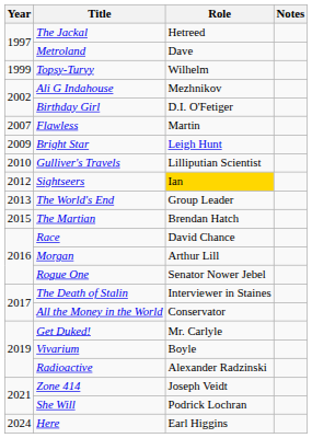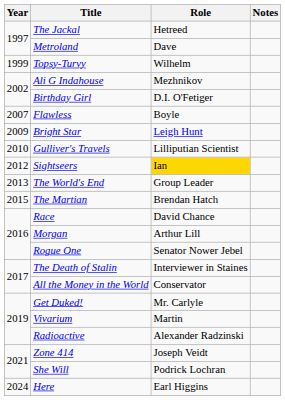 <table class="wikitable sortable">
 <tr>
 <th>Year</th>
 <th>Title</th>
 <th>Role</th>
 <th class="unsortable">Notes</th>
 </tr>
 <tr>
 <td rowspan="2">1997</td>
 <td data-sort-value="Jackal, The"><em><a href='#'>The Jackal</a></em></td>
 <td>Hetreed</td>
 <td></td>
 </tr>
 <tr>
 <td><em><a href='#'>Metroland</a></em></td>
 <td>Dave</td>
 <td></td>
 </tr>
 <tr>
 <td>1999</td>
 <td><em><a href='#'>Topsy-Turvy</a></em></td>
 <td>Wilhelm</td>
 <td></td>
 </tr>
 <tr>
 <td rowspan="2">2002</td>
 <td><em><a href='#'>Ali G Indahouse</a></em></td>
 <td>Mezhnikov</td>
 <td></td>
 </tr>
 <tr>
 <td><em><a href='#'>Birthday Girl</a></em></td>
 <td>D.I. O'Fetiger</td>
 <td></td>
 </tr>
 <tr>
 <td>2007</td>
 <td><em><a href='#'>Flawless</a></em></td>
-<td>Martin</td>
+<td>Boyle</td>
 <td></td>
 </tr>
 <tr>
 <td>2009</td>
 <td><em><a href='#'>Bright Star</a></em></td>
 <td><a href='#'>Leigh Hunt</a></td>
 <td></td>
 </tr>
 <tr>
 <td>2010</td>
 <td><em><a href='#'>Gulliver's Travels</a></em></td>
 <td>Lilliputian Scientist</td>
 <td></td>
 </tr>
 <tr>
 <td>2012</td>
 <td><em><a href='#'>Sightseers</a></em></td>
 <td style="background: gold;">Ian</td>
 <td></td>
 </tr>
 <tr>
 <td>2013</td>
 <td data-sort-value="World's End, The"><em><a href='#'>The World's End</a></em></td>
 <td>Group Leader</td>
 <td></td>
 </tr>
 <tr>
 <td>2015</td>
 <td data-sort-value="Martian, The"><em><a href='#'>The Martian</a></em></td>
 <td>Brendan Hatch</td>
 <td></td>
 </tr>
 <tr>
 <td rowspan="3">2016</td>
 <td><em><a href='#'>Race</a></em></td>
 <td>David Chance</td>
 <td></td>
 </tr>
 <tr>
 <td><em><a href='#'>Morgan</a></em></td>
 <td>Arthur Lill</td>
 <td></td>
 </tr>
 <tr>
 <td><em><a href='#'>Rogue One</a></em></td>
 <td>Senator Nower Jebel</td>
 <td></td>
 </tr>
 <tr>
 <td rowspan="2">2017</td>
 <td data-sort-value="Death of Stalin, The"><em><a href='#'>The Death of Stalin</a></em></td>
 <td>Interviewer in Staines</td>
 <td></td>
 </tr>
 <tr>
 <td><em><a href='#'>All the Money in the World</a></em></td>
 <td>Conservator</td>
 <td></td>
 </tr>
 <tr>
 <td rowspan="3">2019</td>
 <td><em><a href='#'>Get Duked!</a></em></td>
 <td>Mr. Carlyle</td>
 <td></td>
 </tr>
 <tr>
 <td><em><a href='#'>Vivarium</a></em></td>
-<td>Boyle</td>
+<td>Martin</td>
 <td></td>
 </tr>
 <tr>
 <td><em><a href='#'>Radioactive</a></em></td>
 <td>Alexander Radzinski</td>
 <td></td>
 </tr>
 <tr>
 <td rowspan="2">2021</td>
 <td><em><a href='#'>Zone 414</a></em></td>
 <td>Joseph Veidt</td>
 <td></td>
 </tr>
 <tr>
 <td><em><a href='#'>She Will</a></em></td>
 <td>Podrick Lochran</td>
 <td></td>
 </tr>
 <tr>
 <td>2024</td>
 <td><em><a href='#'>Here</a></em></td>
 <td>Earl Higgins</td>
 <td></td>
 </tr>
 </table>
